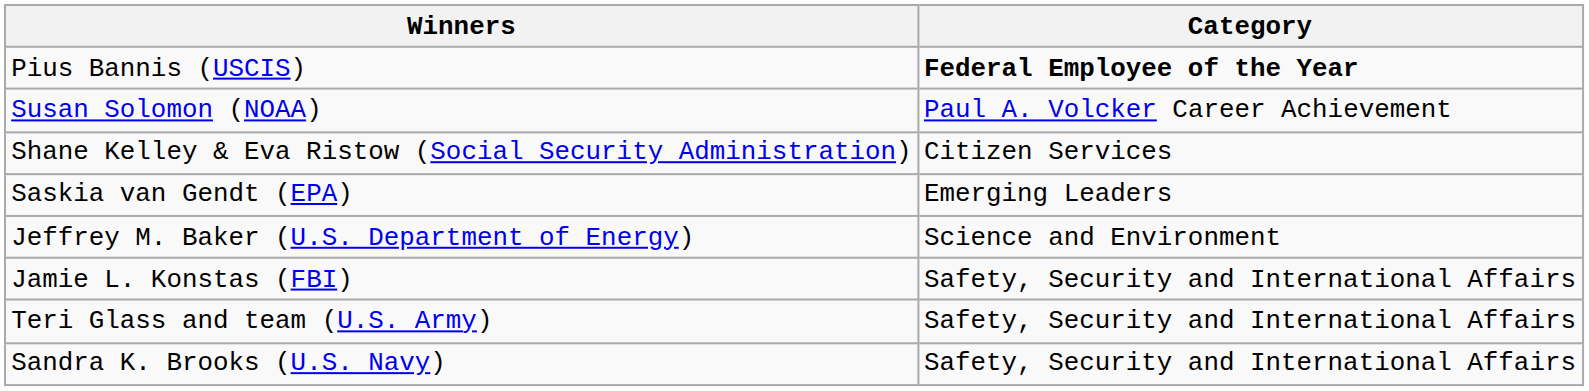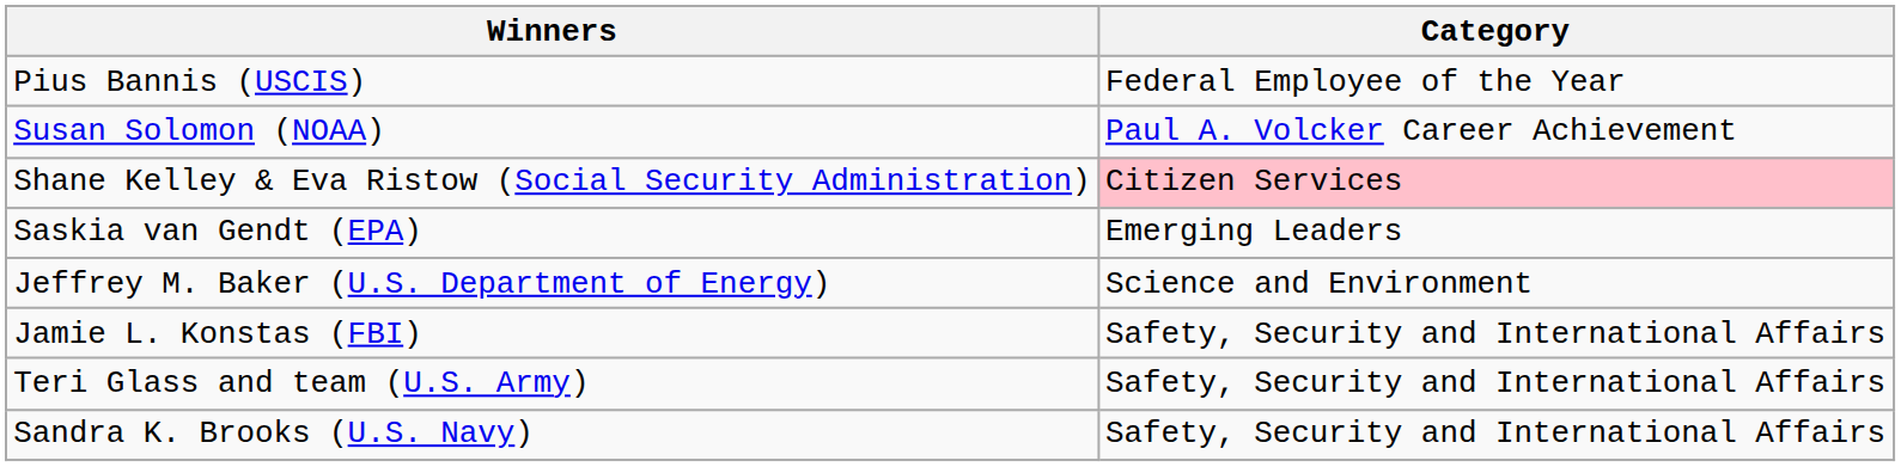 <table class="wikitable sortable mw-collapsible">
 <tr>
 <th>Winners</th>
 <th>Category</th>
 </tr>
 <tr>
 <td>Pius Bannis (<a href='#'>USCIS</a>)</td>
-<td><strong>Federal Employee of the Year</strong></td>
+<td>Federal Employee of the Year</td>
 </tr>
 <tr>
 <td><a href='#'>Susan Solomon</a> (<a href='#'>NOAA</a>)</td>
 <td><a href='#'>Paul A. Volcker</a> Career Achievement</td>
 </tr>
 <tr>
 <td>Shane Kelley & Eva Ristow (<a href='#'>Social Security Administration</a>)</td>
-<td>Citizen Services</td>
+<td style="background: pink;">Citizen Services</td>
 </tr>
 <tr>
 <td>Saskia van Gendt (<a href='#'>EPA</a>)</td>
 <td>Emerging Leaders</td>
 </tr>
 <tr>
 <td>Jeffrey M. Baker (<a href='#'>U.S. Department of Energy</a>)</td>
 <td>Science and Environment</td>
 </tr>
 <tr>
 <td>Jamie L. Konstas (<a href='#'>FBI</a>)</td>
 <td>Safety, Security and International Affairs</td>
 </tr>
 <tr>
 <td>Teri Glass and team (<a href='#'>U.S. Army</a>)</td>
 <td>Safety, Security and International Affairs</td>
 </tr>
 <tr>
 <td>Sandra K. Brooks (<a href='#'>U.S. Navy</a>)</td>
 <td>Safety, Security and International Affairs</td>
 </tr>
 </table>
